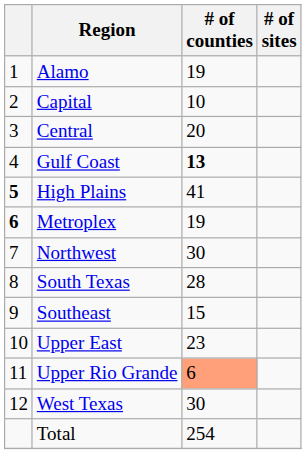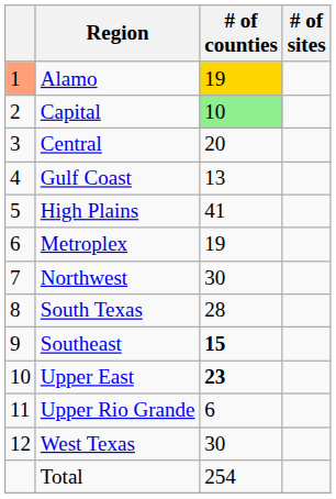 <table class="wikitable sortable">
 <tr>
 <th></th>
 <th><strong>Region</strong></th>
 <th><strong># of<br>counties</strong></th>
 <th><strong># of<br>sites</strong></th>
 </tr>
 <tr ->
-<td>1</td>
+<td style="background: lightsalmon;">1</td>
 <td><a href='#'>Alamo</a></td>
-<td>19</td>
+<td style="background: gold;">19</td>
 <td></td>
 </tr>
 <tr ->
 <td>2</td>
 <td><a href='#'>Capital</a></td>
-<td>10</td>
+<td style="background: lightgreen;">10</td>
 <td></td>
 </tr>
 <tr ->
 <td>3</td>
 <td><a href='#'>Central</a></td>
 <td>20</td>
 <td></td>
 </tr>
 <tr ->
 <td>4</td>
 <td><a href='#'>Gulf Coast</a></td>
-<td><strong>13</strong></td>
+<td>13</td>
 <td></td>
 </tr>
 <tr ->
-<td><strong>5</strong></td>
+<td>5</td>
 <td><a href='#'>High Plains</a></td>
 <td>41</td>
 <td></td>
 </tr>
 <tr ->
-<td><strong>6</strong></td>
+<td>6</td>
 <td><a href='#'>Metroplex</a></td>
 <td>19</td>
 <td></td>
 </tr>
 <tr ->
 <td>7</td>
 <td><a href='#'>Northwest</a></td>
 <td>30</td>
 <td></td>
 </tr>
 <tr ->
 <td>8</td>
 <td><a href='#'>South Texas</a></td>
 <td>28</td>
 <td></td>
 </tr>
 <tr ->
 <td>9</td>
 <td><a href='#'>Southeast</a></td>
-<td>15</td>
+<td><strong>15</strong></td>
 <td></td>
 </tr>
 <tr ->
 <td>10</td>
 <td><a href='#'>Upper East</a></td>
-<td>23</td>
+<td><strong>23</strong></td>
 <td></td>
 </tr>
 <tr ->
 <td>11</td>
 <td><a href='#'>Upper Rio Grande</a></td>
-<td style="background: lightsalmon;">6</td>
+<td>6</td>
 <td></td>
 </tr>
 <tr ->
 <td>12</td>
 <td><a href='#'>West Texas</a></td>
 <td>30</td>
 <td></td>
 </tr>
 <tr ->
 <td></td>
 <td>Total</td>
 <td>254</td>
 <td></td>
 </tr>
 <tr ->
 </tr>
 </table>
